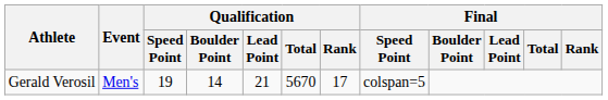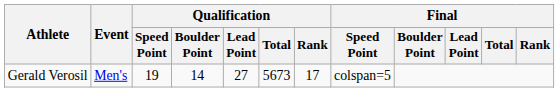 <table class=wikitable style="font-size:90%; text-align:center;">
 <tr>
 <th rowspan="2">Athlete</th>
 <th rowspan="2">Event</th>
 <th colspan=5>Qualification</th>
 <th colspan=5>Final</th>
 </tr>
 <tr style="font-size:95%">
 <th>Speed<br>Point</th>
 <th>Boulder<br>Point</th>
 <th>Lead<br>Point</th>
 <th>Total</th>
 <th>Rank</th>
 <th>Speed<br>Point</th>
 <th>Boulder<br>Point</th>
 <th>Lead<br>Point</th>
 <th>Total</th>
 <th>Rank</th>
 </tr>
 <tr>
 <td align=left>Gerald Verosil</td>
 <td align=left><a href='#'>Men's</a></td>
 <td>19</td>
 <td>14</td>
-<td>21</td>
-<td>5670</td>
+<td>27</td>
+<td>5673</td>
 <td>17</td>
 <td>colspan=5 </td>
 </tr>
 </table>
